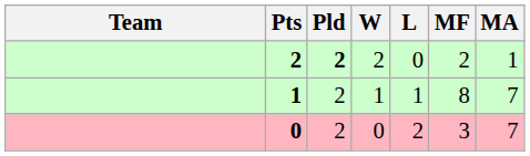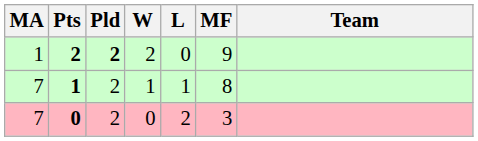 <table class=wikitable style="text-align:right">
 <tr>
-<th width=175>Team</th>
+<th width=20>MA</th>
 <th width=20>Pts</th>
 <th width=20>Pld</th>
 <th width=20>W</th>
 <th width=20>L</th>
 <th width=20>MF</th>
-<th width=20>MA</th>
+<th width=175>Team</th>
 </tr>
 <tr bgcolor=ccffcc>
-<td style="text-align:left"></td>
+<td>1</td>
 <td><strong>2</strong></td>
 <td><strong>2</strong></td>
 <td>2</td>
 <td>0</td>
-<td>2</td>
-<td>1</td>
+<td>9</td>
+<td style="text-align:left"></td>
 </tr>
 <tr bgcolor=ccffcc>
-<td style="text-align:left"></td>
+<td>7</td>
 <td><strong>1</strong></td>
 <td>2</td>
 <td>1</td>
 <td>1</td>
 <td>8</td>
-<td>7</td>
+<td style="text-align:left"></td>
 </tr>
 <tr bgcolor=ffb6c1>
-<td style="text-align:left"></td>
+<td>7</td>
 <td><strong>0</strong></td>
 <td>2</td>
 <td>0</td>
 <td>2</td>
 <td>3</td>
-<td>7</td>
+<td style="text-align:left"></td>
 </tr>
 </table>
